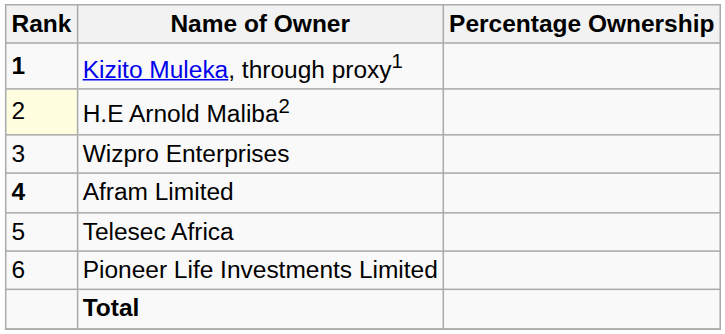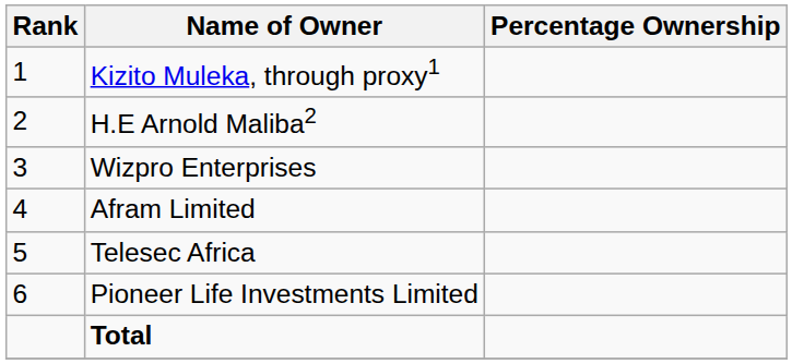 <table class="wikitable sortable" style="margin-left:auto;margin-right:auto">
 <tr>
 <th style="width:2em;">Rank</th>
 <th>Name of Owner</th>
 <th>Percentage Ownership</th>
 </tr>
 <tr>
-<td><strong>1</strong></td>
+<td>1</td>
 <td><a href='#'>Kizito Muleka</a>, through proxy<sup>1</sup></td>
 <td></td>
 </tr>
 <tr>
-<td style="background: lightyellow;">2</td>
+<td>2</td>
 <td>H.E Arnold Maliba<sup>2</sup></td>
 <td></td>
 </tr>
 <tr>
 <td>3</td>
 <td>Wizpro Enterprises</td>
 <td></td>
 </tr>
 <tr>
-<td><strong>4</strong></td>
+<td>4</td>
 <td>Afram Limited</td>
 <td></td>
 </tr>
 <tr>
 <td>5</td>
 <td>Telesec Africa</td>
 <td></td>
 </tr>
 <tr>
 <td>6</td>
 <td>Pioneer Life Investments Limited</td>
 <td></td>
 </tr>
 <tr>
 <td></td>
 <td><strong>Total</strong></td>
 <td></td>
 </tr>
 <tr>
 </tr>
 </table>
